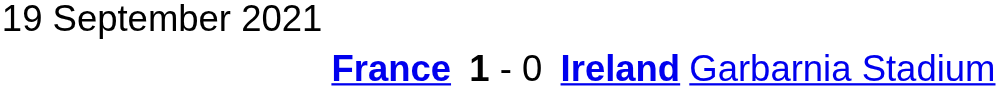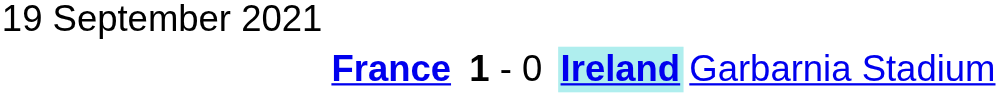 <table>
 <tr>
 <td>19 September 2021</td>
 </tr>
 <tr>
 <td></td>
 <td align=right><strong><a href='#'>France</a></strong></td>
 <td></td>
 <td><strong>1</strong> - 0</td>
 <td></td>
-<td><strong><a href='#'>Ireland</a></strong></td>
+<td style="background: paleturquoise;"><strong><a href='#'>Ireland</a></strong></td>
 <td><a href='#'>Garbarnia Stadium</a></td>
 </tr>
 </table>
